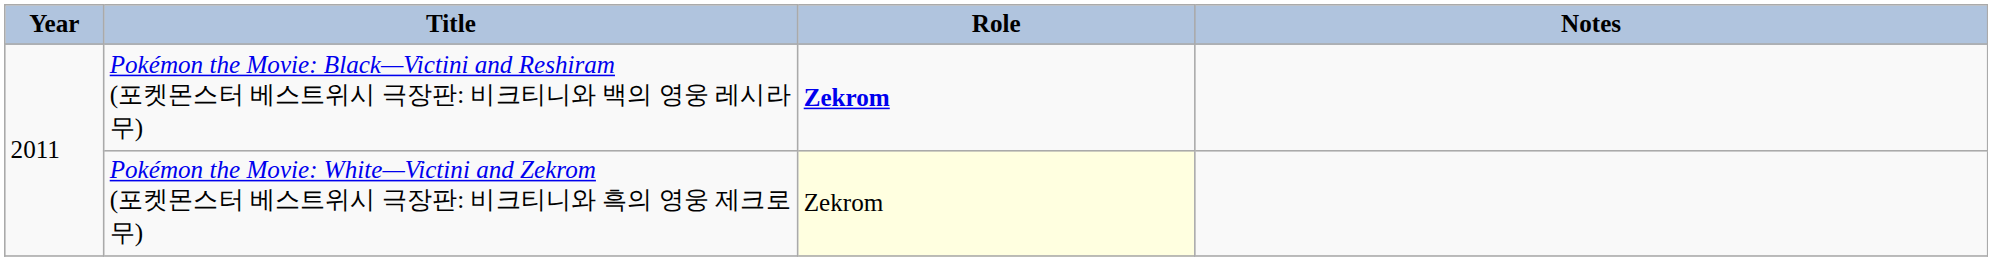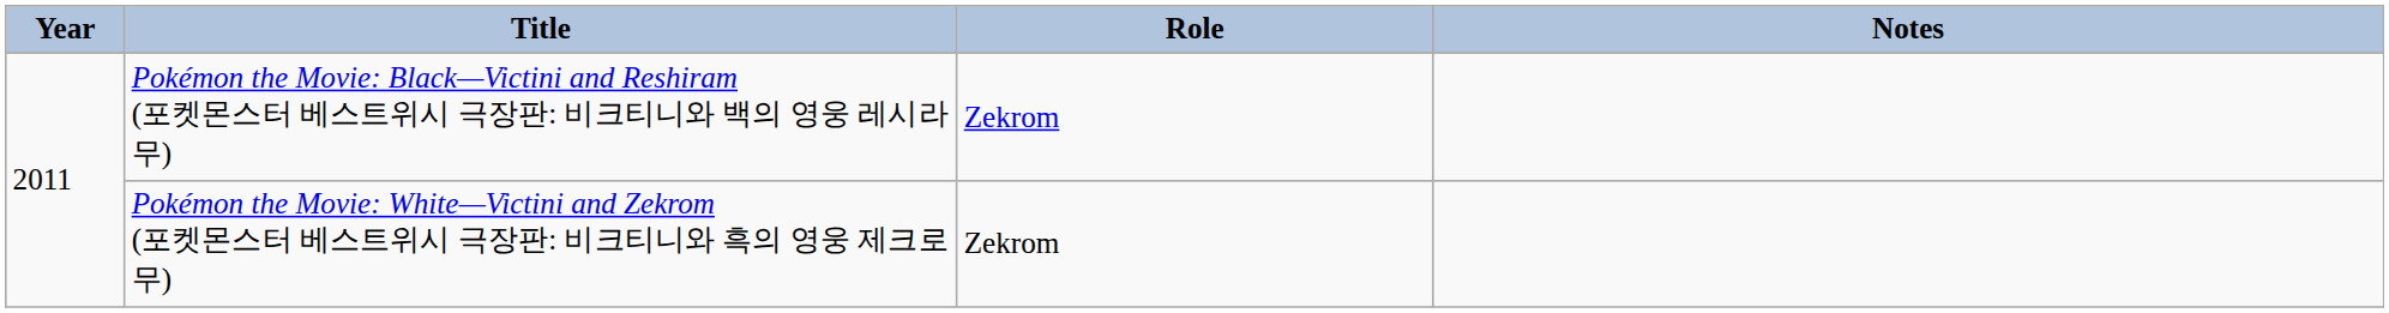 <table class="wikitable"  style="width:100%">
 <tr>
 <th style="background:#b0c4de; width:5%;">Year</th>
 <th style="background:#b0c4de; width:35%;">Title</th>
 <th style="background:#b0c4de; width:20%;">Role</th>
 <th style="background:#b0c4de; width:40%;">Notes</th>
 </tr>
 <tr>
 <td rowspan="2">2011</td>
 <td><em><a href='#'>Pokémon the Movie: Black—Victini and Reshiram</a></em><br>(포켓몬스터 베스트위시 극장판: 비크티니와 백의 영웅 레시라무)</td>
-<td><strong><a href='#'>Zekrom</a></strong></td>
+<td><a href='#'>Zekrom</a></td>
 <td></td>
 </tr>
 <tr>
 <td><em><a href='#'>Pokémon the Movie: White—Victini and Zekrom</a></em><br>(포켓몬스터 베스트위시 극장판: 비크티니와 흑의 영웅 제크로무)</td>
-<td style="background: lightyellow;">Zekrom</td>
+<td>Zekrom</td>
 <td></td>
 </tr>
 </table>
